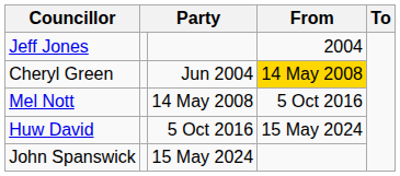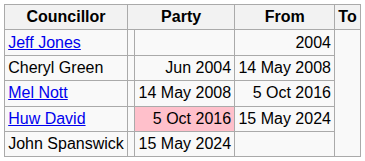 <table class=wikitable>
 <tr>
 <th>Councillor</th>
 <th colspan=2>Party</th>
 <th>From</th>
 <th>To</th>
 </tr>
 <tr>
 <td><a href='#'>Jeff Jones</a></td>
 <td></td>
 <td align=right></td>
 <td align=right>2004</td>
 </tr>
 <tr>
 <td>Cheryl Green</td>
 <td></td>
 <td align=right>Jun 2004</td>
-<td align=right style="background: gold;">14 May 2008</td>
+<td align=right>14 May 2008</td>
 </tr>
 <tr>
 <td><a href='#'>Mel Nott</a></td>
 <td></td>
 <td align=right>14 May 2008</td>
 <td align=right>5 Oct 2016</td>
 </tr>
 <tr>
 <td><a href='#'>Huw David</a></td>
 <td></td>
-<td align=right>5 Oct 2016</td>
+<td align=right style="background: pink;">5 Oct 2016</td>
 <td align=right>15 May 2024</td>
 </tr>
 <tr>
 <td>John Spanswick</td>
 <td></td>
 <td align=right>15 May 2024</td>
 <td align=right></td>
 </tr>
 </table>
